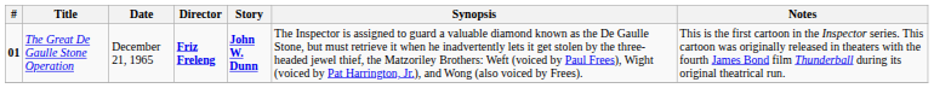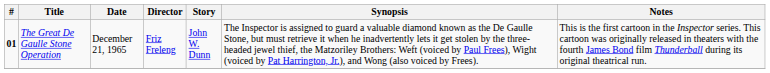 <table class="wikitable">
 <tr>
 <th>#</th>
 <th>Title</th>
 <th>Date</th>
 <th>Director</th>
 <th>Story</th>
 <th>Synopsis</th>
 <th>Notes</th>
 </tr>
 <tr>
 <td><strong>01</strong></td>
 <td><em><a href='#'>The Great De Gaulle Stone Operation</a></em></td>
 <td>December 21, 1965</td>
-<td><strong><a href='#'>Friz Freleng</a></strong></td>
-<td><strong><a href='#'>John W. Dunn</a></strong></td>
+<td><a href='#'>Friz Freleng</a></td>
+<td><a href='#'>John W. Dunn</a></td>
 <td>The Inspector is assigned to guard a valuable diamond known as the De Gaulle Stone, but must retrieve it when he inadvertently lets it get stolen by the three-headed jewel thief, the Matzoriley Brothers: Weft (voiced by <a href='#'>Paul Frees</a>), Wight (voiced by <a href='#'>Pat Harrington, Jr.</a>), and Wong (also voiced by Frees).</td>
 <td>This is the first cartoon in the <em>Inspector</em> series. This cartoon was originally released in theaters with the fourth <a href='#'>James Bond</a> film <em><a href='#'>Thunderball</a></em>  during its original theatrical run.</td>
 </tr>
 <tr>
 </tr>
 </table>
